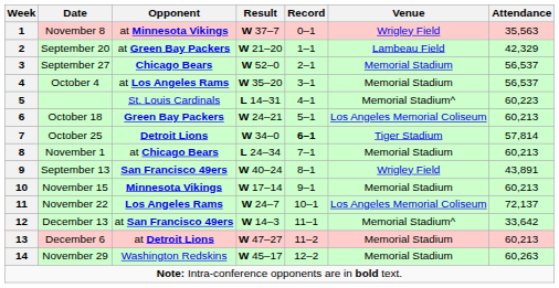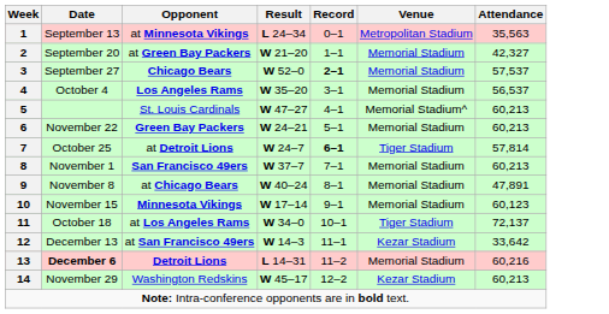 <table class="wikitable" style="text-align:center">
 <tr>
 <th>Week</th>
 <th>Date</th>
 <th>Opponent</th>
 <th>Result</th>
 <th>Record</th>
 <th>Venue</th>
 <th>Attendance</th>
 </tr>
 <tr style="background:#fcc">
 <th>1</th>
-<td>November 8</td>
+<td>September 13</td>
 <td>at <strong><a href='#'>Minnesota Vikings</a></strong></td>
-<td><strong>W</strong> 37–7</td>
+<td><strong>L</strong> 24–34</td>
 <td>0–1</td>
-<td><a href='#'>Wrigley Field</a></td>
+<td><a href='#'>Metropolitan Stadium</a></td>
 <td>35,563</td>
 </tr>
 <tr style="background:#cfc">
 <th>2</th>
 <td>September 20</td>
 <td>at <strong><a href='#'>Green Bay Packers</a></strong></td>
 <td><strong>W</strong> 21–20</td>
 <td>1–1</td>
-<td><a href='#'>Lambeau Field</a></td>
-<td>42,329</td>
+<td><a href='#'>Memorial Stadium</a></td>
+<td>42,327</td>
 </tr>
 <tr style="background:#cfc">
 <th>3</th>
 <td>September 27</td>
 <td><strong><a href='#'>Chicago Bears</a></strong></td>
 <td><strong>W</strong> 52–0</td>
-<td>2–1</td>
+<td><strong>2–1</strong></td>
 <td><a href='#'>Memorial Stadium</a></td>
-<td>56,537</td>
+<td>57,537</td>
 </tr>
 <tr style="background:#cfc">
 <th>4</th>
 <td>October 4</td>
-<td>at <strong><a href='#'>Los Angeles Rams</a></strong></td>
+<td><strong><a href='#'>Los Angeles Rams</a></strong></td>
 <td><strong>W</strong> 35–20</td>
 <td>3–1</td>
 <td>Memorial Stadium</td>
 <td>56,537</td>
 </tr>
 <tr style="background:#cfc">
 <th>5</th>
 <td></td>
 <td><a href='#'>St. Louis Cardinals</a></td>
-<td><strong>L</strong> 14–31</td>
+<td><strong>W</strong> 47–27</td>
 <td>4–1</td>
 <td>Memorial Stadium^</td>
-<td>60,223</td>
+<td>60,213</td>
 </tr>
 <tr style="background:#cfc">
 <th>6</th>
-<td>October 18</td>
+<td>November 22</td>
 <td><strong><a href='#'>Green Bay Packers</a></strong></td>
 <td><strong>W</strong> 24–21</td>
 <td>5–1</td>
-<td><a href='#'>Los Angeles Memorial Coliseum</a></td>
+<td>Memorial Stadium</td>
 <td>60,213</td>
 </tr>
 <tr style="background:#cfc">
 <th>7</th>
 <td>October 25</td>
-<td><strong><a href='#'>Detroit Lions</a></strong></td>
-<td><strong>W</strong> 34–0</td>
+<td>at <strong><a href='#'>Detroit Lions</a></strong></td>
+<td><strong>W</strong> 24–7</td>
 <td><strong>6–1</strong></td>
 <td><a href='#'>Tiger Stadium</a></td>
 <td>57,814</td>
 </tr>
 <tr style="background:#cfc">
 <th>8</th>
 <td>November 1</td>
-<td>at <strong><a href='#'>Chicago Bears</a></strong></td>
-<td><strong>L</strong> 24–34</td>
+<td><strong><a href='#'>San Francisco 49ers</a></strong></td>
+<td><strong>W</strong> 37–7</td>
 <td>7–1</td>
 <td>Memorial Stadium</td>
 <td>60,213</td>
 </tr>
 <tr style="background:#cfc">
 <th>9</th>
-<td>September 13</td>
-<td><strong><a href='#'>San Francisco 49ers</a></strong></td>
+<td>November 8</td>
+<td>at <strong><a href='#'>Chicago Bears</a></strong></td>
 <td><strong>W</strong> 40–24</td>
 <td>8–1</td>
-<td><a href='#'>Wrigley Field</a></td>
-<td>43,891</td>
+<td>Memorial Stadium</td>
+<td>47,891</td>
 </tr>
 <tr style="background:#cfc">
 <th>10</th>
 <td>November 15</td>
 <td><strong><a href='#'>Minnesota Vikings</a></strong></td>
 <td><strong>W</strong> 17–14</td>
 <td>9–1</td>
 <td>Memorial Stadium</td>
-<td>60,213</td>
+<td>60,123</td>
 </tr>
 <tr style="background:#cfc">
 <th>11</th>
-<td>November 22</td>
-<td><strong><a href='#'>Los Angeles Rams</a></strong></td>
-<td><strong>W</strong> 24–7</td>
+<td>October 18</td>
+<td>at <strong><a href='#'>Los Angeles Rams</a></strong></td>
+<td><strong>W</strong> 34–0</td>
 <td>10–1</td>
-<td><a href='#'>Los Angeles Memorial Coliseum</a></td>
+<td><a href='#'>Tiger Stadium</a></td>
 <td>72,137</td>
 </tr>
 <tr style="background:#cfc">
 <th>12</th>
 <td>December 13</td>
 <td>at <strong><a href='#'>San Francisco 49ers</a></strong></td>
 <td><strong>W</strong> 14–3</td>
 <td>11–1</td>
-<td>Memorial Stadium^</td>
+<td><a href='#'>Kezar Stadium</a></td>
 <td>33,642</td>
 </tr>
 <tr style="background:#fcc">
 <th>13</th>
-<td>December 6</td>
-<td>at <strong><a href='#'>Detroit Lions</a></strong></td>
-<td><strong>W</strong> 47–27</td>
+<td><strong>December 6</strong></td>
+<td><strong><a href='#'>Detroit Lions</a></strong></td>
+<td><strong>L</strong> 14–31</td>
 <td>11–2</td>
 <td>Memorial Stadium</td>
-<td>60,213</td>
+<td>60,216</td>
 </tr>
 <tr style="background:#cfc">
 <th>14</th>
 <td>November 29</td>
 <td><a href='#'>Washington Redskins</a></td>
 <td><strong>W</strong> 45–17</td>
 <td>12–2</td>
-<td>Memorial Stadium</td>
-<td>60,263</td>
+<td><a href='#'>Kezar Stadium</a></td>
+<td>60,213</td>
 </tr>
 <tr>
 <td colspan="8"><strong>Note:</strong> Intra-conference opponents are in <strong>bold</strong> text.</td>
 </tr>
 </table>
